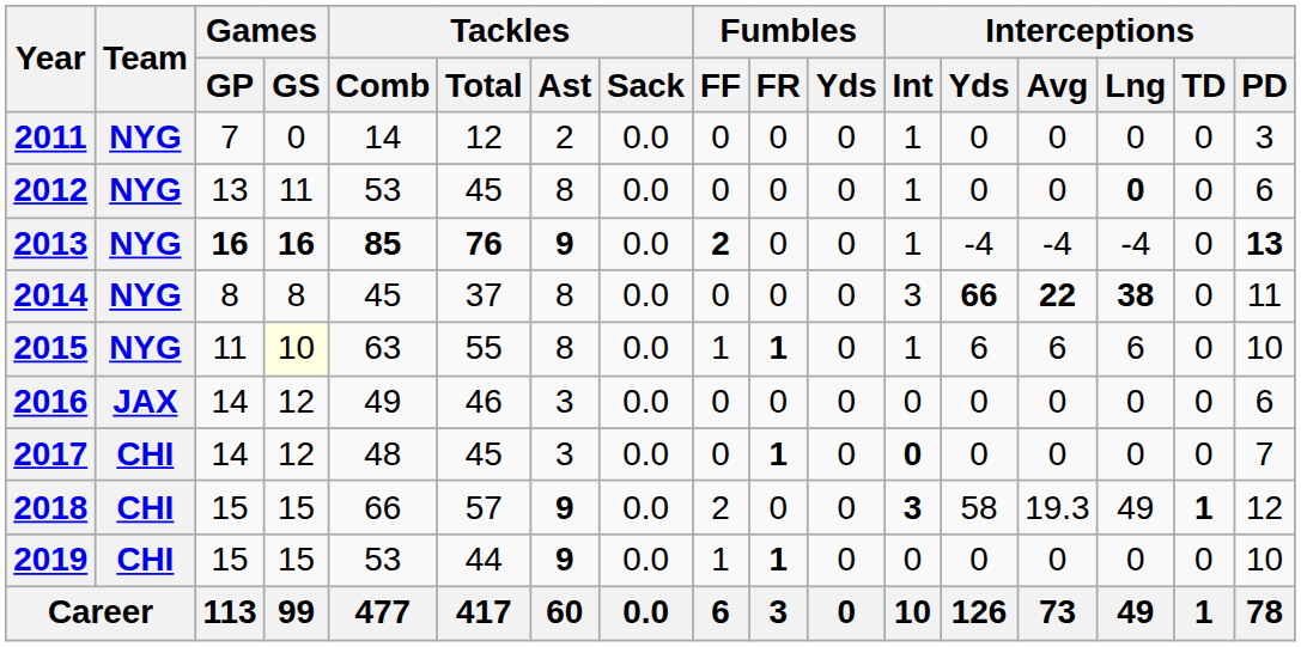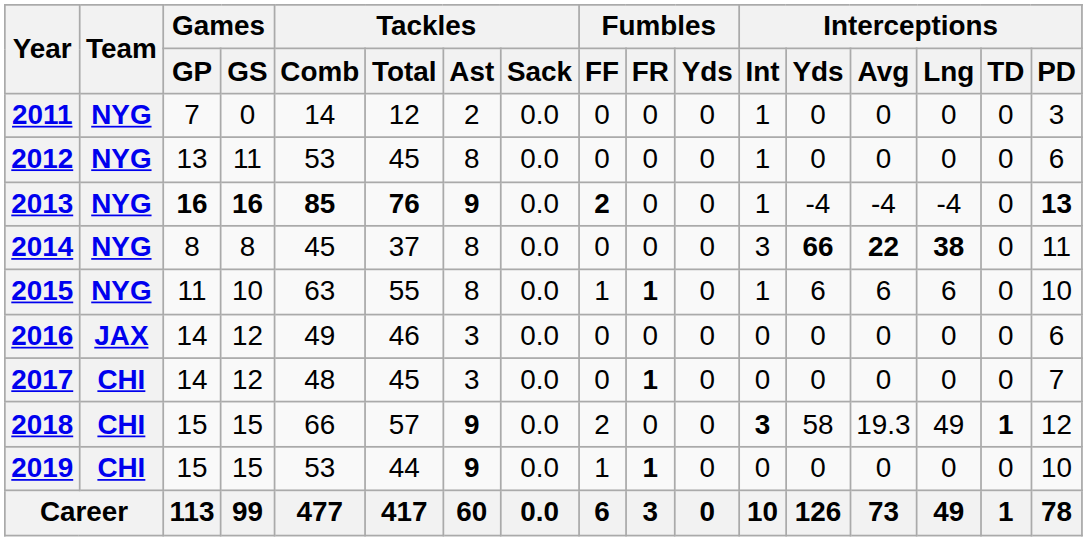 <table class="wikitable" style="text-align: center;">
 <tr>
 <th rowspan="2">Year</th>
 <th rowspan="2">Team</th>
 <th colspan="2">Games</th>
 <th colspan="4">Tackles</th>
 <th colspan="3">Fumbles</th>
 <th colspan="6">Interceptions</th>
 </tr>
 <tr>
 <th>GP</th>
 <th>GS</th>
 <th>Comb</th>
 <th>Total</th>
 <th>Ast</th>
 <th>Sack</th>
 <th>FF</th>
 <th>FR</th>
 <th>Yds</th>
 <th>Int</th>
 <th>Yds</th>
 <th>Avg</th>
 <th>Lng</th>
 <th>TD</th>
 <th>PD</th>
 </tr>
 <tr>
 <th><a href='#'>2011</a></th>
 <th><a href='#'>NYG</a></th>
 <td>7</td>
 <td>0</td>
 <td>14</td>
 <td>12</td>
 <td>2</td>
 <td>0.0</td>
 <td>0</td>
 <td>0</td>
 <td>0</td>
 <td>1</td>
 <td>0</td>
 <td>0</td>
 <td>0</td>
 <td>0</td>
 <td>3</td>
 </tr>
 <tr>
 <th><a href='#'>2012</a></th>
 <th><a href='#'>NYG</a></th>
 <td>13</td>
 <td>11</td>
 <td>53</td>
 <td>45</td>
 <td>8</td>
 <td>0.0</td>
 <td>0</td>
 <td>0</td>
 <td>0</td>
 <td>1</td>
 <td>0</td>
 <td>0</td>
-<td><strong>0</strong></td>
+<td>0</td>
 <td>0</td>
 <td>6</td>
 </tr>
 <tr>
 <th><a href='#'>2013</a></th>
 <th><a href='#'>NYG</a></th>
 <td><strong>16</strong></td>
 <td><strong>16</strong></td>
 <td><strong>85</strong></td>
 <td><strong>76</strong></td>
 <td><strong>9</strong></td>
 <td>0.0</td>
 <td><strong>2</strong></td>
 <td>0</td>
 <td>0</td>
 <td>1</td>
 <td>-4</td>
 <td>-4</td>
 <td>-4</td>
 <td>0</td>
 <td><strong>13</strong></td>
 </tr>
 <tr>
 <th><a href='#'>2014</a></th>
 <th><a href='#'>NYG</a></th>
 <td>8</td>
 <td>8</td>
 <td>45</td>
 <td>37</td>
 <td>8</td>
 <td>0.0</td>
 <td>0</td>
 <td>0</td>
 <td>0</td>
 <td>3</td>
 <td><strong>66</strong></td>
 <td><strong>22</strong></td>
 <td><strong>38</strong></td>
 <td>0</td>
 <td>11</td>
 </tr>
 <tr>
 <th><a href='#'>2015</a></th>
 <th><a href='#'>NYG</a></th>
 <td>11</td>
-<td style="background: lightyellow;">10</td>
+<td>10</td>
 <td>63</td>
 <td>55</td>
 <td>8</td>
 <td>0.0</td>
 <td>1</td>
 <td><strong>1</strong></td>
 <td>0</td>
 <td>1</td>
 <td>6</td>
 <td>6</td>
 <td>6</td>
 <td>0</td>
 <td>10</td>
 </tr>
 <tr>
 <th><a href='#'>2016</a></th>
 <th><a href='#'>JAX</a></th>
 <td>14</td>
 <td>12</td>
 <td>49</td>
 <td>46</td>
 <td>3</td>
 <td>0.0</td>
 <td>0</td>
 <td>0</td>
 <td>0</td>
 <td>0</td>
 <td>0</td>
 <td>0</td>
 <td>0</td>
 <td>0</td>
 <td>6</td>
 </tr>
 <tr>
 <th><a href='#'>2017</a></th>
 <th><a href='#'>CHI</a></th>
 <td>14</td>
 <td>12</td>
 <td>48</td>
 <td>45</td>
 <td>3</td>
 <td>0.0</td>
 <td>0</td>
 <td><strong>1</strong></td>
 <td>0</td>
-<td><strong>0</strong></td>
+<td>0</td>
 <td>0</td>
 <td>0</td>
 <td>0</td>
 <td>0</td>
 <td>7</td>
 </tr>
 <tr>
 <th><a href='#'>2018</a></th>
 <th><a href='#'>CHI</a></th>
 <td>15</td>
 <td>15</td>
 <td>66</td>
 <td>57</td>
 <td><strong>9</strong></td>
 <td>0.0</td>
 <td>2</td>
 <td>0</td>
 <td>0</td>
 <td><strong>3</strong></td>
 <td>58</td>
 <td>19.3</td>
 <td>49</td>
 <td><strong>1</strong></td>
 <td>12</td>
 </tr>
 <tr>
 <th><a href='#'>2019</a></th>
 <th><a href='#'>CHI</a></th>
 <td>15</td>
 <td>15</td>
 <td>53</td>
 <td>44</td>
 <td><strong>9</strong></td>
 <td>0.0</td>
 <td>1</td>
 <td><strong>1</strong></td>
 <td>0</td>
 <td>0</td>
 <td>0</td>
 <td>0</td>
 <td>0</td>
 <td>0</td>
 <td>10</td>
 </tr>
 <tr>
 <th colspan="2">Career</th>
 <th>113</th>
 <th>99</th>
 <th>477</th>
 <th>417</th>
 <th>60</th>
 <th>0.0</th>
 <th>6</th>
 <th>3</th>
 <th>0</th>
 <th>10</th>
 <th>126</th>
 <th>73</th>
 <th>49</th>
 <th>1</th>
 <th>78</th>
 </tr>
 </table>
